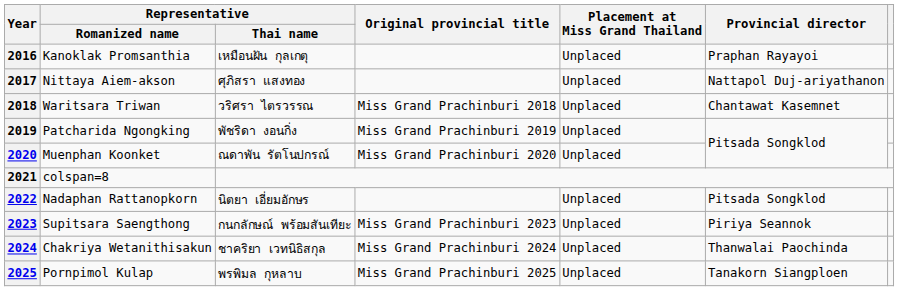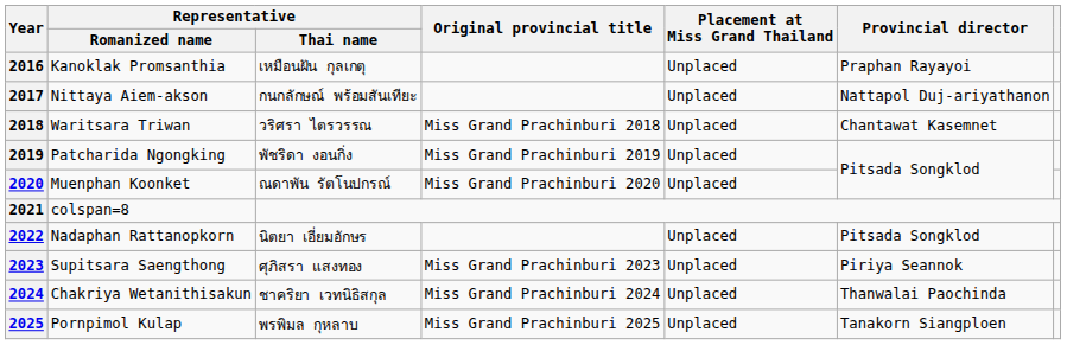 <table class="wikitable defaultcenter col2left col3left col6left" style="font-size:95%;">
 <tr>
 <th rowspan=2>Year</th>
 <th colspan=2>Representative</th>
 <th rowspan=2>Original provincial title</th>
 <th rowspan=2>Placement at<br>Miss Grand Thailand</th>
 <th rowspan=2>Provincial director</th>
 <th rowspan=2></th>
 </tr>
 <tr>
 <th>Romanized name</th>
 <th>Thai name</th>
 </tr>
 <tr>
 <th>2016</th>
 <td>Kanoklak Promsanthia</td>
 <td>เหมือนฝัน กุลเกตุ</td>
 <td></td>
 <td>Unplaced</td>
 <td>Praphan Rayayoi</td>
 <td></td>
 </tr>
 <tr>
 <th>2017</th>
 <td>Nittaya Aiem-akson</td>
-<td>ศุภิสรา แสงทอง</td>
+<td>กนกลักษณ์ พร้อมสันเทียะ</td>
 <td></td>
 <td>Unplaced</td>
 <td>Nattapol Duj-ariyathanon</td>
 <td></td>
 </tr>
 <tr>
 <th>2018</th>
 <td>Waritsara Triwan</td>
 <td>วริศรา ไตรวรรณ</td>
 <td>Miss Grand Prachinburi 2018</td>
 <td>Unplaced</td>
 <td>Chantawat Kasemnet</td>
 <td></td>
 </tr>
 <tr>
 <th>2019</th>
 <td>Patcharida Ngongking</td>
 <td>พัชริดา งอนกิ่ง</td>
 <td>Miss Grand Prachinburi 2019</td>
 <td>Unplaced</td>
 <td rowspan=2>Pitsada Songklod</td>
 <td></td>
 </tr>
 <tr>
 <th><a href='#'>2020</a></th>
 <td>Muenphan Koonket</td>
 <td>ณดาพัน รัตโนปกรณ์</td>
 <td>Miss Grand Prachinburi 2020</td>
 <td>Unplaced</td>
 <td></td>
 </tr>
 <tr>
 <th>2021</th>
 <td>colspan=8 </td>
 </tr>
 <tr>
 <th><a href='#'>2022</a></th>
 <td>Nadaphan Rattanopkorn</td>
 <td>นิตยา เอี่ยมอักษร</td>
 <td></td>
 <td>Unplaced</td>
 <td>Pitsada Songklod</td>
 <td></td>
 </tr>
 <tr>
 <th><a href='#'>2023</a></th>
 <td>Supitsara Saengthong</td>
-<td>กนกลักษณ์ พร้อมสันเทียะ</td>
+<td>ศุภิสรา แสงทอง</td>
 <td>Miss Grand Prachinburi 2023</td>
 <td>Unplaced</td>
 <td>Piriya Seannok</td>
 <td></td>
 </tr>
 <tr>
 <th><a href='#'>2024</a></th>
 <td>Chakriya Wetanithisakun</td>
 <td>ชาคริยา เวทนิธิสกุล</td>
 <td>Miss Grand Prachinburi 2024</td>
 <td>Unplaced</td>
 <td>Thanwalai Paochinda</td>
 <td></td>
 </tr>
 <tr>
 <th><a href='#'>2025</a></th>
 <td>Pornpimol Kulap</td>
 <td>พรพิมล กุหลาบ</td>
 <td>Miss Grand Prachinburi 2025</td>
 <td>Unplaced</td>
 <td>Tanakorn Siangploen</td>
 <td></td>
 </tr>
 </table>
